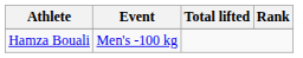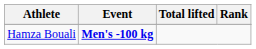 <table class="wikitable" style="text-align:center; font-size:90%">
 <tr>
 <th>Athlete</th>
 <th>Event</th>
 <th>Total lifted</th>
 <th>Rank</th>
 </tr>
 <tr>
 </tr>
 <tr>
 <td align=left><a href='#'>Hamza Bouali</a></td>
-<td align=left><a href='#'>Men's -100 kg</a></td>
+<td align=left><strong><a href='#'>Men's -100 kg</a></strong></td>
 <td colspan=2></td>
 </tr>
 </table>
